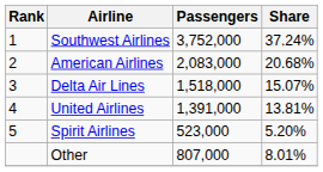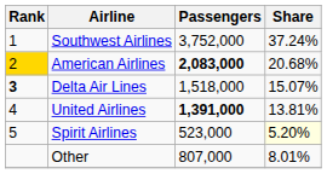 <table class="wikitable sortable" style="font-size: 95%">
 <tr>
 <th>Rank</th>
 <th>Airline</th>
 <th>Passengers</th>
 <th>Share</th>
 </tr>
 <tr>
 <td>1</td>
 <td><a href='#'>Southwest Airlines</a></td>
 <td>3,752,000</td>
 <td>37.24%</td>
 </tr>
 <tr>
-<td>2</td>
+<td style="background: gold;">2</td>
 <td><a href='#'>American Airlines</a></td>
-<td>2,083,000</td>
+<td><strong>2,083,000</strong></td>
 <td>20.68%</td>
 </tr>
 <tr>
-<td>3</td>
+<td><strong>3</strong></td>
 <td><a href='#'>Delta Air Lines</a></td>
 <td>1,518,000</td>
 <td>15.07%</td>
 </tr>
 <tr>
 <td>4</td>
 <td><a href='#'>United Airlines</a></td>
-<td>1,391,000</td>
+<td><strong>1,391,000</strong></td>
 <td>13.81%</td>
 </tr>
 <tr>
 <td>5</td>
 <td><a href='#'>Spirit Airlines</a></td>
 <td>523,000</td>
-<td>5.20%</td>
+<td style="background: lightyellow;">5.20%</td>
 </tr>
 <tr>
 <td></td>
 <td>Other</td>
 <td>807,000</td>
 <td>8.01%</td>
 </tr>
 <tr>
 </tr>
 </table>
